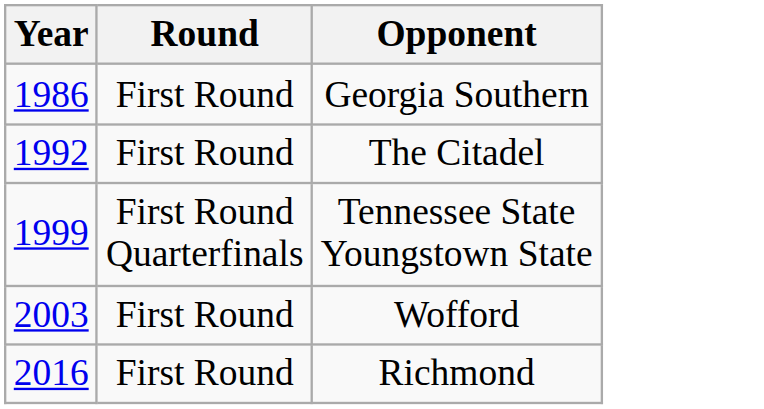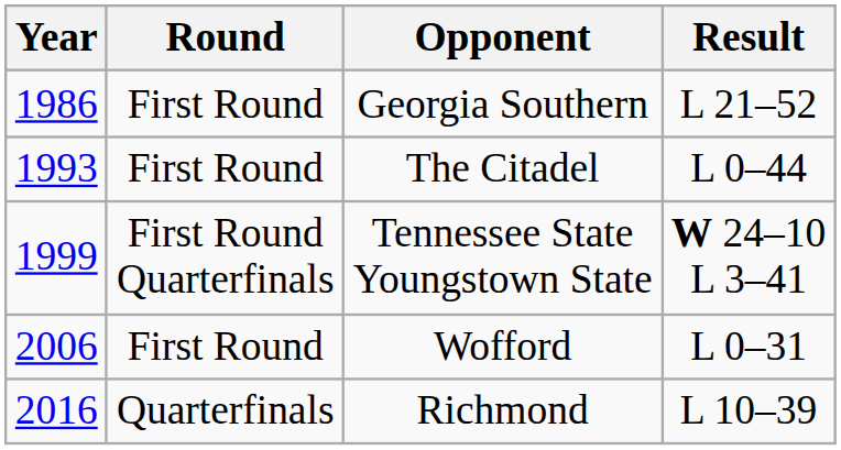 <table class="wikitable" style="text-align:center">
 <tr>
 <th>Year</th>
 <th>Round</th>
 <th>Opponent</th>
+<th>Result</th>
 </tr>
 <tr align="center">
 <td><a href='#'>1986</a></td>
 <td>First Round</td>
 <td>Georgia Southern</td>
+<td>L 21–52</td>
 </tr>
 <tr align="center">
-<td><a href='#'>1992</a></td>
+<td><a href='#'>1993</a></td>
 <td>First Round</td>
 <td>The Citadel</td>
+<td>L 0–44</td>
 </tr>
 <tr align="center">
 <td><a href='#'>1999</a></td>
 <td>First Round<br>Quarterfinals</td>
 <td>Tennessee State<br>Youngstown State</td>
+<td><strong>W</strong> 24–10<br>L 3–41</td>
 </tr>
 <tr align="center">
-<td><a href='#'>2003</a></td>
+<td><a href='#'>2006</a></td>
 <td>First Round</td>
 <td>Wofford</td>
+<td>L 0–31</td>
 </tr>
 <tr align="center">
 <td><a href='#'>2016</a></td>
-<td>First Round</td>
+<td>Quarterfinals</td>
 <td>Richmond</td>
+<td>L 10–39</td>
 </tr>
 </table>
